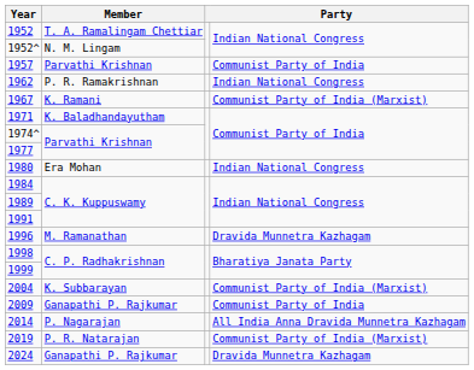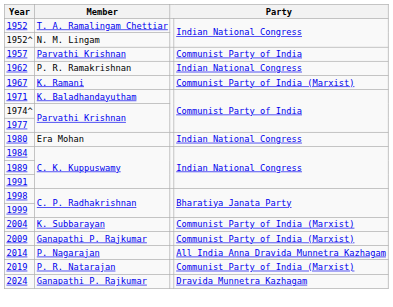 <table class="wikitable">
 <tr>
 <th>Year</th>
 <th>Member</th>
 <th colspan="2">Party</th>
 </tr>
 <tr>
 <td><a href='#'>1952</a></td>
 <td><a href='#'>T. A. Ramalingam Chettiar</a></td>
 <td rowspan=2 style="background-color: "></td>
 <td rowspan=2><a href='#'>Indian National Congress</a></td>
 </tr>
 <tr>
 <td>1952^</td>
 <td>N. M. Lingam</td>
 </tr>
 <tr>
 <td><a href='#'>1957</a></td>
 <td><a href='#'>Parvathi Krishnan</a></td>
 <td style="background-color: "></td>
 <td><a href='#'>Communist Party of India</a></td>
 </tr>
 <tr>
 <td><a href='#'>1962</a></td>
 <td>P. R. Ramakrishnan</td>
 <td style="background-color: "></td>
 <td><a href='#'>Indian National Congress</a></td>
 </tr>
 <tr>
 <td><a href='#'>1967</a></td>
 <td><a href='#'>K. Ramani</a></td>
 <td style="background-color: "></td>
 <td><a href='#'>Communist Party of India (Marxist)</a></td>
 </tr>
 <tr>
 <td><a href='#'>1971</a></td>
 <td><a href='#'>K. Baladhandayutham</a></td>
 <td rowspan=3 style="background-color: "></td>
 <td rowspan=3><a href='#'>Communist Party of India</a></td>
 </tr>
 <tr>
 <td>1974^</td>
 <td rowspan="2"><a href='#'>Parvathi Krishnan</a></td>
 </tr>
 <tr>
 <td><a href='#'>1977</a></td>
 </tr>
 <tr>
 <td><a href='#'>1980</a></td>
 <td>Era Mohan</td>
 <td style="background-color: "></td>
 <td><a href='#'>Indian National Congress</a></td>
 </tr>
 <tr>
 <td><a href='#'>1984</a></td>
 <td rowspan="3"><a href='#'>C. K. Kuppuswamy</a></td>
 <td rowspan=3 style="background-color: "></td>
 <td rowspan=3><a href='#'>Indian National Congress</a></td>
 </tr>
 <tr>
 <td><a href='#'>1989</a></td>
 </tr>
 <tr>
 <td><a href='#'>1991</a></td>
 </tr>
 <tr>
-<td><a href='#'>1996</a></td>
-<td><a href='#'>M. Ramanathan</a></td>
-<td style="background-color: "></td>
-<td><a href='#'>Dravida Munnetra Kazhagam</a></td>
-</tr>
-<tr>
 <td><a href='#'>1998</a></td>
 <td rowspan="2"><a href='#'>C. P. Radhakrishnan</a></td>
 <td rowspan=2 style="background-color: "></td>
 <td rowspan=2><a href='#'>Bharatiya Janata Party</a></td>
 </tr>
 <tr>
 <td><a href='#'>1999</a></td>
 </tr>
 <tr>
 <td><a href='#'>2004</a></td>
 <td><a href='#'>K. Subbarayan</a></td>
 <td style="background-color: "></td>
 <td><a href='#'>Communist Party of India (Marxist)</a></td>
 </tr>
 <tr>
 <td><a href='#'>2009</a></td>
 <td><a href='#'>Ganapathi P. Rajkumar</a></td>
 <td style="background-color: "></td>
-<td><a href='#'>Communist Party of India</a></td>
+<td><a href='#'>Communist Party of India (Marxist)</a></td>
 </tr>
 <tr>
 <td><a href='#'>2014</a></td>
 <td><a href='#'>P. Nagarajan</a></td>
 <td style="background-color: "></td>
 <td><a href='#'>All India Anna Dravida Munnetra Kazhagam</a></td>
 </tr>
 <tr>
 <td><a href='#'>2019</a></td>
 <td><a href='#'>P. R. Natarajan</a></td>
 <td style="background-color: "></td>
 <td><a href='#'>Communist Party of India (Marxist)</a></td>
 </tr>
 <tr>
 <td><a href='#'>2024</a></td>
 <td><a href='#'>Ganapathi P. Rajkumar</a></td>
 <td style="background-color: "></td>
 <td><a href='#'>Dravida Munnetra Kazhagam</a></td>
 </tr>
 </table>
